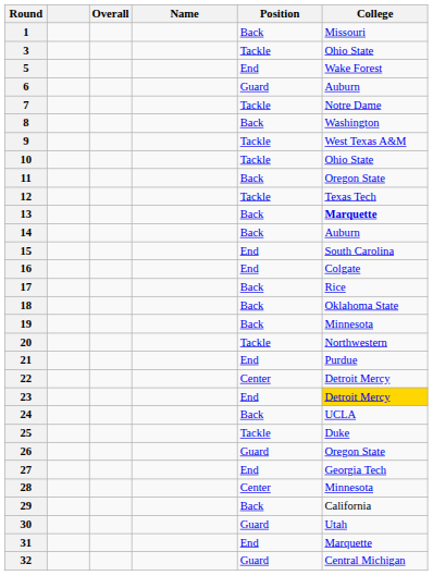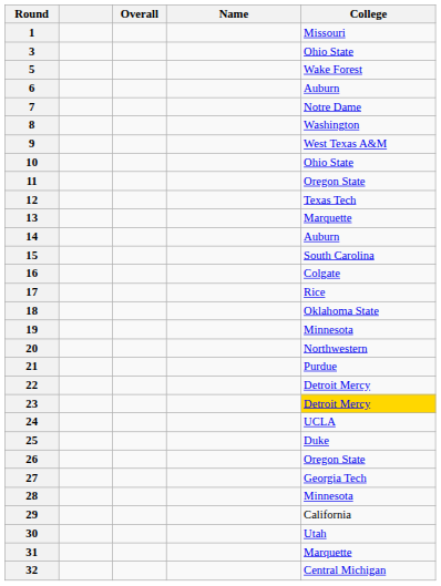 <table class="wikitable sortable">
 <tr>
 <th scope="col" style="width: 10%;">Round</th>
 <th scope="col" style="width: 10%;"></th>
 <th scope="col" style="width: 10%;">Overall</th>
 <th scope="col" style="width: 25%;">Name</th>
-<th scope="col" style="width: 20%;">Position</th>
 <th scope="col" style="width: 25%;">College</th>
 </tr>
 <tr>
 <th scope="row">1</th>
 <td></td>
 <td></td>
 <td></td>
-<td><a href='#'>Back</a></td>
 <td><a href='#'>Missouri</a></td>
 </tr>
 <tr>
 <th scope="row">3</th>
 <td></td>
 <td></td>
 <td></td>
-<td><a href='#'>Tackle</a></td>
 <td><a href='#'>Ohio State</a></td>
 </tr>
 <tr>
 <th scope="row">5</th>
 <td></td>
 <td></td>
 <td></td>
-<td><a href='#'>End</a></td>
 <td><a href='#'>Wake Forest</a></td>
 </tr>
 <tr>
 <th scope="row">6</th>
 <td></td>
 <td></td>
 <td></td>
-<td><a href='#'>Guard</a></td>
 <td><a href='#'>Auburn</a></td>
 </tr>
 <tr>
 <th scope="row">7</th>
 <td></td>
 <td></td>
 <td></td>
-<td><a href='#'>Tackle</a></td>
 <td><a href='#'>Notre Dame</a></td>
 </tr>
 <tr>
 <th scope="row">8</th>
 <td></td>
 <td></td>
 <td></td>
-<td><a href='#'>Back</a></td>
 <td><a href='#'>Washington</a></td>
 </tr>
 <tr>
 <th scope="row">9</th>
 <td></td>
 <td></td>
 <td></td>
-<td><a href='#'>Tackle</a></td>
 <td><a href='#'>West Texas A&M</a></td>
 </tr>
 <tr>
 <th scope="row">10</th>
 <td></td>
 <td></td>
 <td></td>
-<td><a href='#'>Tackle</a></td>
 <td><a href='#'>Ohio State</a></td>
 </tr>
 <tr>
 <th scope="row">11</th>
 <td></td>
 <td></td>
 <td></td>
-<td><a href='#'>Back</a></td>
 <td><a href='#'>Oregon State</a></td>
 </tr>
 <tr>
 <th scope="row">12</th>
 <td></td>
 <td></td>
 <td></td>
-<td><a href='#'>Tackle</a></td>
 <td><a href='#'>Texas Tech</a></td>
 </tr>
 <tr>
 <th scope="row">13</th>
 <td></td>
 <td></td>
 <td></td>
-<td><a href='#'>Back</a></td>
-<td><strong><a href='#'>Marquette</a></strong></td>
+<td><a href='#'>Marquette</a></td>
 </tr>
 <tr>
 <th scope="row">14</th>
 <td></td>
 <td></td>
 <td></td>
-<td><a href='#'>Back</a></td>
 <td><a href='#'>Auburn</a></td>
 </tr>
 <tr>
 <th scope="row">15</th>
 <td></td>
 <td></td>
 <td></td>
-<td><a href='#'>End</a></td>
 <td><a href='#'>South Carolina</a></td>
 </tr>
 <tr>
 <th scope="row">16</th>
 <td></td>
 <td></td>
 <td></td>
-<td><a href='#'>End</a></td>
 <td><a href='#'>Colgate</a></td>
 </tr>
 <tr>
 <th scope="row">17</th>
 <td></td>
 <td></td>
 <td></td>
-<td><a href='#'>Back</a></td>
 <td><a href='#'>Rice</a></td>
 </tr>
 <tr>
 <th scope="row">18</th>
 <td></td>
 <td></td>
 <td></td>
-<td><a href='#'>Back</a></td>
 <td><a href='#'>Oklahoma State</a></td>
 </tr>
 <tr>
 <th scope="row">19</th>
 <td></td>
 <td></td>
 <td></td>
-<td><a href='#'>Back</a></td>
 <td><a href='#'>Minnesota</a></td>
 </tr>
 <tr>
 <th scope="row">20</th>
 <td></td>
 <td></td>
 <td></td>
-<td><a href='#'>Tackle</a></td>
 <td><a href='#'>Northwestern</a></td>
 </tr>
 <tr>
 <th scope="row">21</th>
 <td></td>
 <td></td>
 <td></td>
-<td><a href='#'>End</a></td>
 <td><a href='#'>Purdue</a></td>
 </tr>
 <tr>
 <th scope="row">22</th>
 <td></td>
 <td></td>
 <td></td>
-<td><a href='#'>Center</a></td>
 <td><a href='#'>Detroit Mercy</a></td>
 </tr>
 <tr>
 <th scope="row">23</th>
 <td></td>
 <td></td>
 <td></td>
-<td><a href='#'>End</a></td>
 <td style="background: gold;"><a href='#'>Detroit Mercy</a></td>
 </tr>
 <tr>
 <th scope="row">24</th>
 <td></td>
 <td></td>
 <td></td>
-<td><a href='#'>Back</a></td>
 <td><a href='#'>UCLA</a></td>
 </tr>
 <tr>
 <th scope="row">25</th>
 <td></td>
 <td></td>
 <td></td>
-<td><a href='#'>Tackle</a></td>
 <td><a href='#'>Duke</a></td>
 </tr>
 <tr>
 <th scope="row">26</th>
 <td></td>
 <td></td>
 <td></td>
-<td><a href='#'>Guard</a></td>
 <td><a href='#'>Oregon State</a></td>
 </tr>
 <tr>
 <th scope="row">27</th>
 <td></td>
 <td></td>
 <td></td>
-<td><a href='#'>End</a></td>
 <td><a href='#'>Georgia Tech</a></td>
 </tr>
 <tr>
 <th scope="row">28</th>
 <td></td>
 <td></td>
 <td></td>
-<td><a href='#'>Center</a></td>
 <td><a href='#'>Minnesota</a></td>
 </tr>
 <tr>
 <th scope="row">29</th>
 <td></td>
 <td></td>
 <td></td>
-<td><a href='#'>Back</a></td>
 <td>California</td>
 </tr>
 <tr>
 <th scope="row">30</th>
 <td></td>
 <td></td>
 <td></td>
-<td><a href='#'>Guard</a></td>
 <td><a href='#'>Utah</a></td>
 </tr>
 <tr>
 <th scope="row">31</th>
 <td></td>
 <td></td>
 <td></td>
-<td><a href='#'>End</a></td>
 <td><a href='#'>Marquette</a></td>
 </tr>
 <tr>
 <th scope="row">32</th>
 <td></td>
 <td></td>
 <td></td>
-<td><a href='#'>Guard</a></td>
 <td><a href='#'>Central Michigan</a></td>
 </tr>
 </table>
